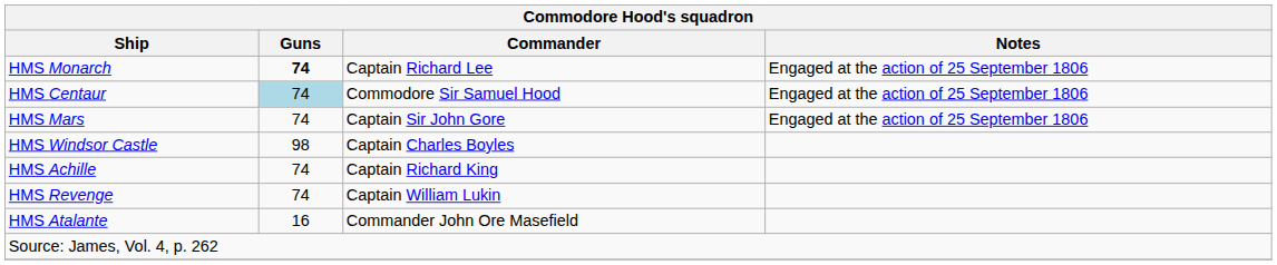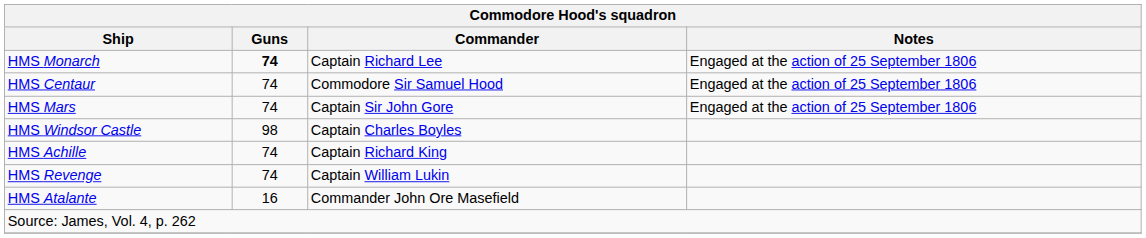 <table class="wikitable" width=100%>
 <tr valign="top">
 <th colspan="11" bgcolor="white">Commodore Hood's squadron</th>
 </tr>
 <tr valign="top"|- valign="top">
 <th width=15%; align= center>Ship</th>
 <th width=5%; align= center>Guns</th>
 <th width=25%; align= center>Commander</th>
 <th width=30%; align= center>Notes</th>
 </tr>
 <tr valign="top">
 <td align= left><a href='#'>HMS <em>Monarch</em></a></td>
 <td align= center><strong>74</strong></td>
 <td align= left>Captain <a href='#'>Richard Lee</a></td>
 <td align= left>Engaged at the <a href='#'>action of 25 September 1806</a></td>
 </tr>
 <tr valign="top">
 <td align= left><a href='#'>HMS <em>Centaur</em></a></td>
-<td align= center style="background: lightblue;">74</td>
+<td align= center>74</td>
 <td align= left>Commodore <a href='#'>Sir Samuel Hood</a></td>
 <td align= left>Engaged at the <a href='#'>action of 25 September 1806</a></td>
 </tr>
 <tr valign="top">
 <td align= left><a href='#'>HMS <em>Mars</em></a></td>
 <td align= center>74</td>
 <td align= left>Captain <a href='#'>Sir John Gore</a></td>
 <td align= left>Engaged at the <a href='#'>action of 25 September 1806</a></td>
 </tr>
 <tr valign="top">
 <td align= left><a href='#'>HMS <em>Windsor Castle</em></a></td>
 <td align= center>98</td>
 <td align= left>Captain <a href='#'>Charles Boyles</a></td>
 <td align= left></td>
 </tr>
 <tr valign="top">
 <td align= left><a href='#'>HMS <em>Achille</em></a></td>
 <td align= center>74</td>
 <td align= left>Captain <a href='#'>Richard King</a></td>
 <td align= left></td>
 </tr>
 <tr valign="top">
 <td align= left><a href='#'>HMS <em>Revenge</em></a></td>
 <td align= center>74</td>
 <td align= left>Captain <a href='#'>William Lukin</a></td>
 <td align= left></td>
 </tr>
 <tr valign="top">
 <td align= left><a href='#'>HMS <em>Atalante</em></a></td>
 <td align= center>16</td>
 <td align= left>Commander John Ore Masefield</td>
 <td align= left></td>
 </tr>
 <tr valign="top">
 <td colspan="9" align="left">Source: James, Vol. 4, p. 262</td>
 </tr>
 <tr>
 </tr>
 </table>
